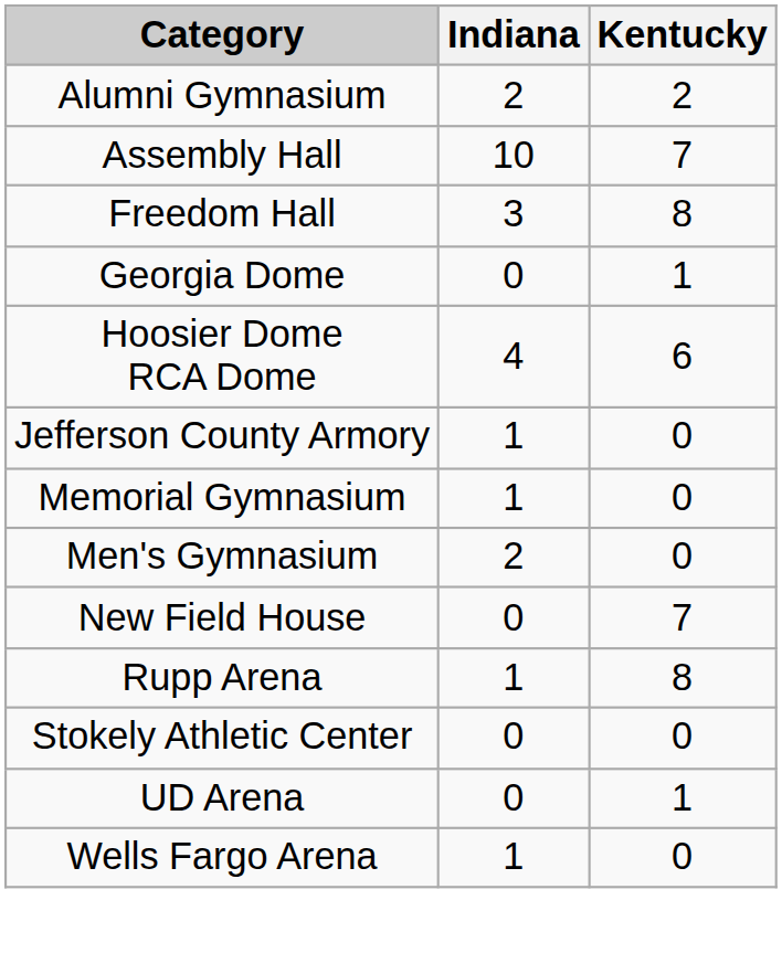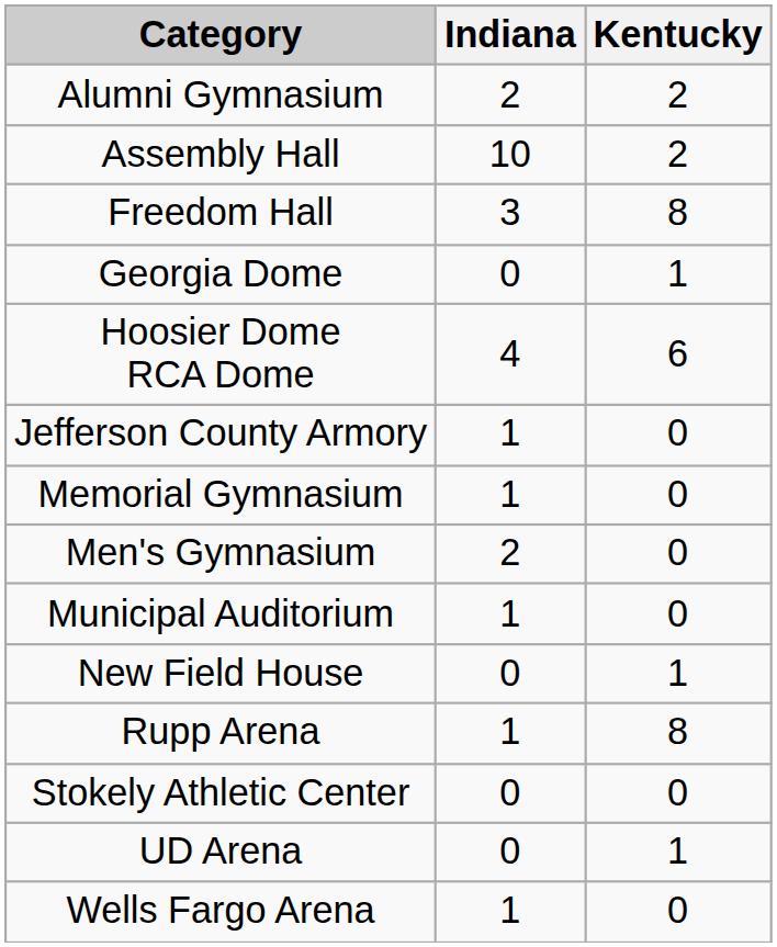 <table class="wikitable">
 <tr>
 <th style="background:#CCCCCC; text-align:center">Category</th>
 <th>Indiana</th>
 <th>Kentucky</th>
 </tr>
 <tr>
 <td align=center>Alumni Gymnasium</td>
 <td align=center>2</td>
 <td align=center>2</td>
 </tr>
 <tr>
 <td align=center>Assembly Hall</td>
 <td align=center>10</td>
-<td align=center>7</td>
+<td align=center>2</td>
 </tr>
 <tr>
 <td align=center>Freedom Hall</td>
 <td align=center>3</td>
 <td align=center>8</td>
 </tr>
 <tr>
 <td align=center>Georgia Dome</td>
 <td align=center>0</td>
 <td align=center>1</td>
 </tr>
 <tr>
 <td align=center>Hoosier Dome<br>RCA Dome</td>
 <td align=center>4</td>
 <td align=center>6</td>
 </tr>
 <tr>
 <td align=center>Jefferson County Armory</td>
 <td align=center>1</td>
 <td align=center>0</td>
 </tr>
 <tr>
 <td align=center>Memorial Gymnasium</td>
 <td align=center>1</td>
 <td align=center>0</td>
 </tr>
 <tr>
 <td align=center>Men's Gymnasium</td>
 <td align=center>2</td>
 <td align=center>0</td>
 </tr>
 <tr>
+<td align=center>Municipal Auditorium</td>
+<td align=center>1</td>
+<td align=center>0</td>
+</tr>
+<tr>
 <td align=center>New Field House</td>
 <td align=center>0</td>
-<td align=center>7</td>
+<td align=center>1</td>
 </tr>
 <tr>
 <td align=center>Rupp Arena</td>
 <td align=center>1</td>
 <td align=center>8</td>
 </tr>
 <tr>
 <td align=center>Stokely Athletic Center</td>
 <td align=center>0</td>
 <td align=center>0</td>
 </tr>
 <tr>
 <td align=center>UD Arena</td>
 <td align=center>0</td>
 <td align=center>1</td>
 </tr>
 <tr>
 <td align=center>Wells Fargo Arena</td>
 <td align=center>1</td>
 <td align=center>0</td>
 </tr>
 </table>
